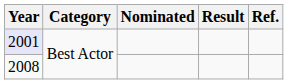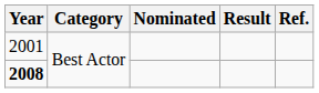 <table class="wikitable">
 <tr>
 <th>Year</th>
 <th>Category</th>
 <th>Nominated</th>
 <th>Result</th>
 <th>Ref.</th>
 </tr>
 <tr>
-<td style="background: lavender;">2001</td>
+<td>2001</td>
 <td rowspan=2>Best Actor</td>
 <td></td>
 <td></td>
 <td></td>
 </tr>
 <tr>
-<td>2008</td>
+<td><strong>2008</strong></td>
 <td></td>
 <td></td>
 <td></td>
 </tr>
 </table>
